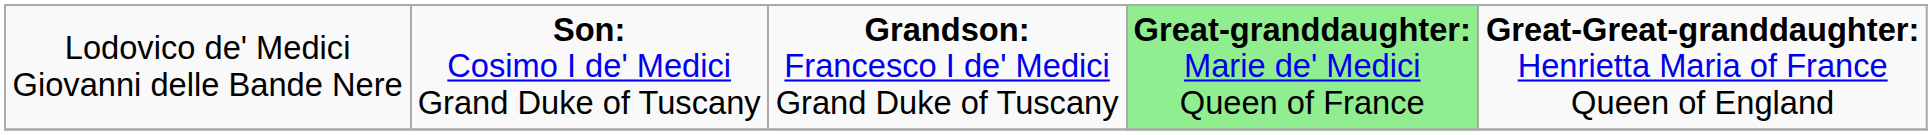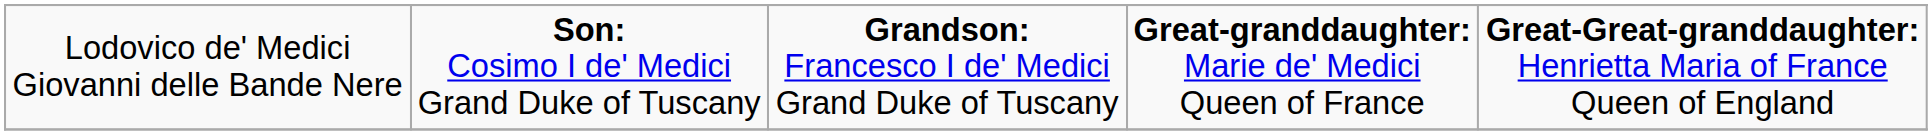 <table class="wikitable">
 <tr>
 </tr>
 <tr>
 <td align="center">Lodovico de' Medici<br>Giovanni delle Bande Nere</td>
 <td align="center"><strong>Son:</strong><br><a href='#'>Cosimo I de' Medici</a><br>Grand Duke of Tuscany</td>
 <td align="center"><strong>Grandson:</strong><br><a href='#'>Francesco I de' Medici</a><br>Grand Duke of Tuscany</td>
-<td align="center" style="background: lightgreen;"><strong>Great-granddaughter:</strong><br><a href='#'>Marie de' Medici</a><br>Queen of France</td>
+<td align="center"><strong>Great-granddaughter:</strong><br><a href='#'>Marie de' Medici</a><br>Queen of France</td>
 <td align="center"><strong>Great-Great-granddaughter:</strong><br><a href='#'>Henrietta Maria of France</a><br>Queen of England</td>
 </tr>
 <tr>
 </tr>
 </table>
